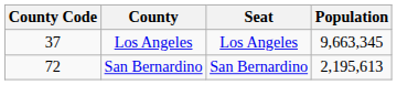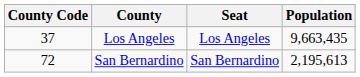 <table class="wikitable sortable" style="text-align:center;">
 <tr>
 <th> County Code</th>
 <th>County</th>
 <th>Seat</th>
 <th>Population</th>
 </tr>
 <tr>
 <td>37</td>
 <td><a href='#'>Los Angeles</a></td>
 <td><a href='#'>Los Angeles</a></td>
-<td>9,663,345</td>
+<td>9,663,435</td>
 </tr>
 <tr>
 <td>72</td>
 <td><a href='#'>San Bernardino</a></td>
 <td><a href='#'>San Bernardino</a></td>
 <td>2,195,613</td>
 </tr>
 </table>
